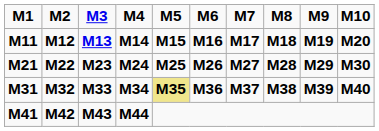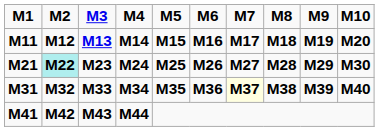 <table class="wikitable" style="text-align: center;">
 <tr valign="top">
 <td><strong>M1</strong><br></td>
 <td><strong>M2</strong><br></td>
 <td><strong><a href='#'>M3</a></strong><br></td>
 <td><strong>M4</strong><br></td>
 <td><strong>M5</strong><br></td>
 <td><strong>M6</strong><br></td>
 <td><strong>M7</strong><br></td>
 <td><strong>M8</strong><br></td>
 <td><strong>M9</strong><br></td>
 <td><strong>M10</strong><br></td>
 </tr>
 <tr valign="top">
 <td><strong>M11</strong><br></td>
 <td><strong>M12</strong><br></td>
 <td><strong><a href='#'>M13</a></strong><br></td>
 <td><strong>M14</strong><br></td>
 <td><strong>M15</strong><br></td>
 <td><strong>M16</strong><br></td>
 <td><strong>M17</strong><br></td>
 <td><strong>M18</strong><br></td>
 <td><strong>M19</strong><br></td>
 <td><strong>M20</strong><br></td>
 </tr>
 <tr valign="top">
 <td><strong>M21</strong><br></td>
-<td><strong>M22</strong><br></td>
+<td style="background: paleturquoise;"><strong>M22</strong><br></td>
 <td><strong>M23</strong><br></td>
 <td><strong>M24</strong><br></td>
 <td><strong>M25</strong><br></td>
 <td><strong>M26</strong><br></td>
 <td><strong>M27</strong><br></td>
 <td><strong>M28</strong><br></td>
 <td><strong>M29</strong><br></td>
 <td><strong>M30</strong><br></td>
 </tr>
 <tr valign="top">
 <td><strong>M31</strong><br></td>
 <td><strong>M32</strong><br></td>
 <td><strong>M33</strong><br></td>
 <td><strong>M34</strong><br></td>
-<td style="background: khaki;"><strong>M35</strong><br></td>
+<td><strong>M35</strong><br></td>
 <td><strong>M36</strong><br></td>
-<td><strong>M37</strong><br></td>
+<td style="background: lightyellow;"><strong>M37</strong><br></td>
 <td><strong>M38</strong><br></td>
 <td><strong>M39</strong><br></td>
 <td><strong>M40</strong><br></td>
 </tr>
 <tr valign="top">
 <td><strong>M41</strong><br></td>
 <td><strong>M42</strong><br></td>
 <td><strong>M43</strong><br></td>
 <td><strong>M44</strong><br></td>
 </tr>
 </table>
